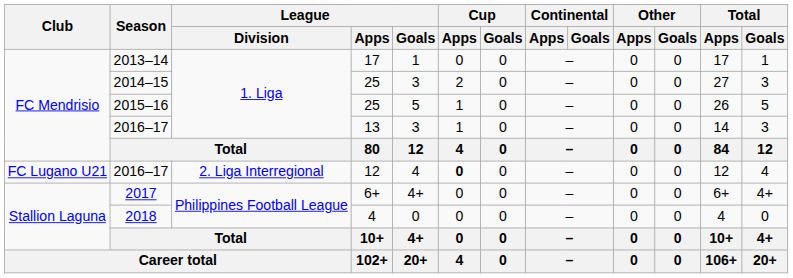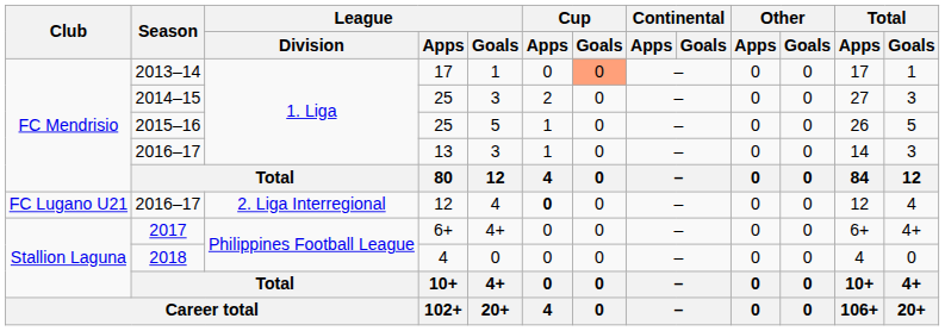 <table class="wikitable" style="text-align: center">
 <tr>
 <th rowspan="2">Club</th>
 <th rowspan="2">Season</th>
 <th colspan="3">League</th>
 <th colspan="2">Cup</th>
 <th colspan="2">Continental</th>
 <th colspan="2">Other</th>
 <th colspan="2">Total</th>
 </tr>
 <tr>
 <th>Division</th>
 <th>Apps</th>
 <th>Goals</th>
 <th>Apps</th>
 <th>Goals</th>
 <th>Apps</th>
 <th>Goals</th>
 <th>Apps</th>
 <th>Goals</th>
 <th>Apps</th>
 <th>Goals</th>
 </tr>
 <tr>
 <td rowspan="5"><a href='#'>FC Mendrisio</a></td>
 <td>2013–14</td>
 <td rowspan="4"><a href='#'>1. Liga</a></td>
 <td>17</td>
 <td>1</td>
 <td>0</td>
-<td>0</td>
+<td style="background: lightsalmon;">0</td>
 <td colspan="2">–</td>
 <td>0</td>
 <td>0</td>
 <td>17</td>
 <td>1</td>
 </tr>
 <tr>
 <td>2014–15</td>
 <td>25</td>
 <td>3</td>
 <td>2</td>
 <td>0</td>
 <td colspan="2">–</td>
 <td>0</td>
 <td>0</td>
 <td>27</td>
 <td>3</td>
 </tr>
 <tr>
 <td>2015–16</td>
 <td>25</td>
 <td>5</td>
 <td>1</td>
 <td>0</td>
 <td colspan="2">–</td>
 <td>0</td>
 <td>0</td>
 <td>26</td>
 <td>5</td>
 </tr>
 <tr>
 <td>2016–17</td>
 <td>13</td>
 <td>3</td>
 <td>1</td>
 <td>0</td>
 <td colspan="2">–</td>
 <td>0</td>
 <td>0</td>
 <td>14</td>
 <td>3</td>
 </tr>
 <tr>
 <th colspan="2"><strong>Total</strong></th>
 <th>80</th>
 <th>12</th>
 <th>4</th>
 <th>0</th>
 <th colspan="2">–</th>
 <th>0</th>
 <th>0</th>
 <th>84</th>
 <th>12</th>
 </tr>
 <tr>
 <td><a href='#'>FC Lugano U21</a></td>
 <td>2016–17</td>
 <td><a href='#'>2. Liga Interregional</a></td>
 <td>12</td>
 <td>4</td>
 <td><strong>0</strong></td>
 <td>0</td>
 <td colspan="2">–</td>
 <td>0</td>
 <td>0</td>
 <td>12</td>
 <td>4</td>
 </tr>
 <tr>
 <td rowspan="3"><a href='#'>Stallion Laguna</a></td>
 <td><a href='#'>2017</a></td>
 <td rowspan="2"><a href='#'>Philippines Football League</a></td>
 <td>6+</td>
 <td>4+</td>
 <td>0</td>
 <td>0</td>
 <td colspan="2">–</td>
 <td>0</td>
 <td>0</td>
 <td>6+</td>
 <td>4+</td>
 </tr>
 <tr>
 <td><a href='#'>2018</a></td>
 <td>4</td>
 <td>0</td>
 <td>0</td>
 <td>0</td>
 <td colspan="2">–</td>
 <td>0</td>
 <td>0</td>
 <td>4</td>
 <td>0</td>
 </tr>
 <tr>
 <th colspan="2"><strong>Total</strong></th>
 <th>10+</th>
 <th>4+</th>
 <th>0</th>
 <th>0</th>
 <th colspan="2">–</th>
 <th>0</th>
 <th>0</th>
 <th>10+</th>
 <th>4+</th>
 </tr>
 <tr>
 <th colspan=3>Career total</th>
 <th>102+</th>
 <th>20+</th>
 <th>4</th>
 <th>0</th>
 <th colspan="2">–</th>
 <th>0</th>
 <th>0</th>
 <th>106+</th>
 <th>20+</th>
 </tr>
 </table>
